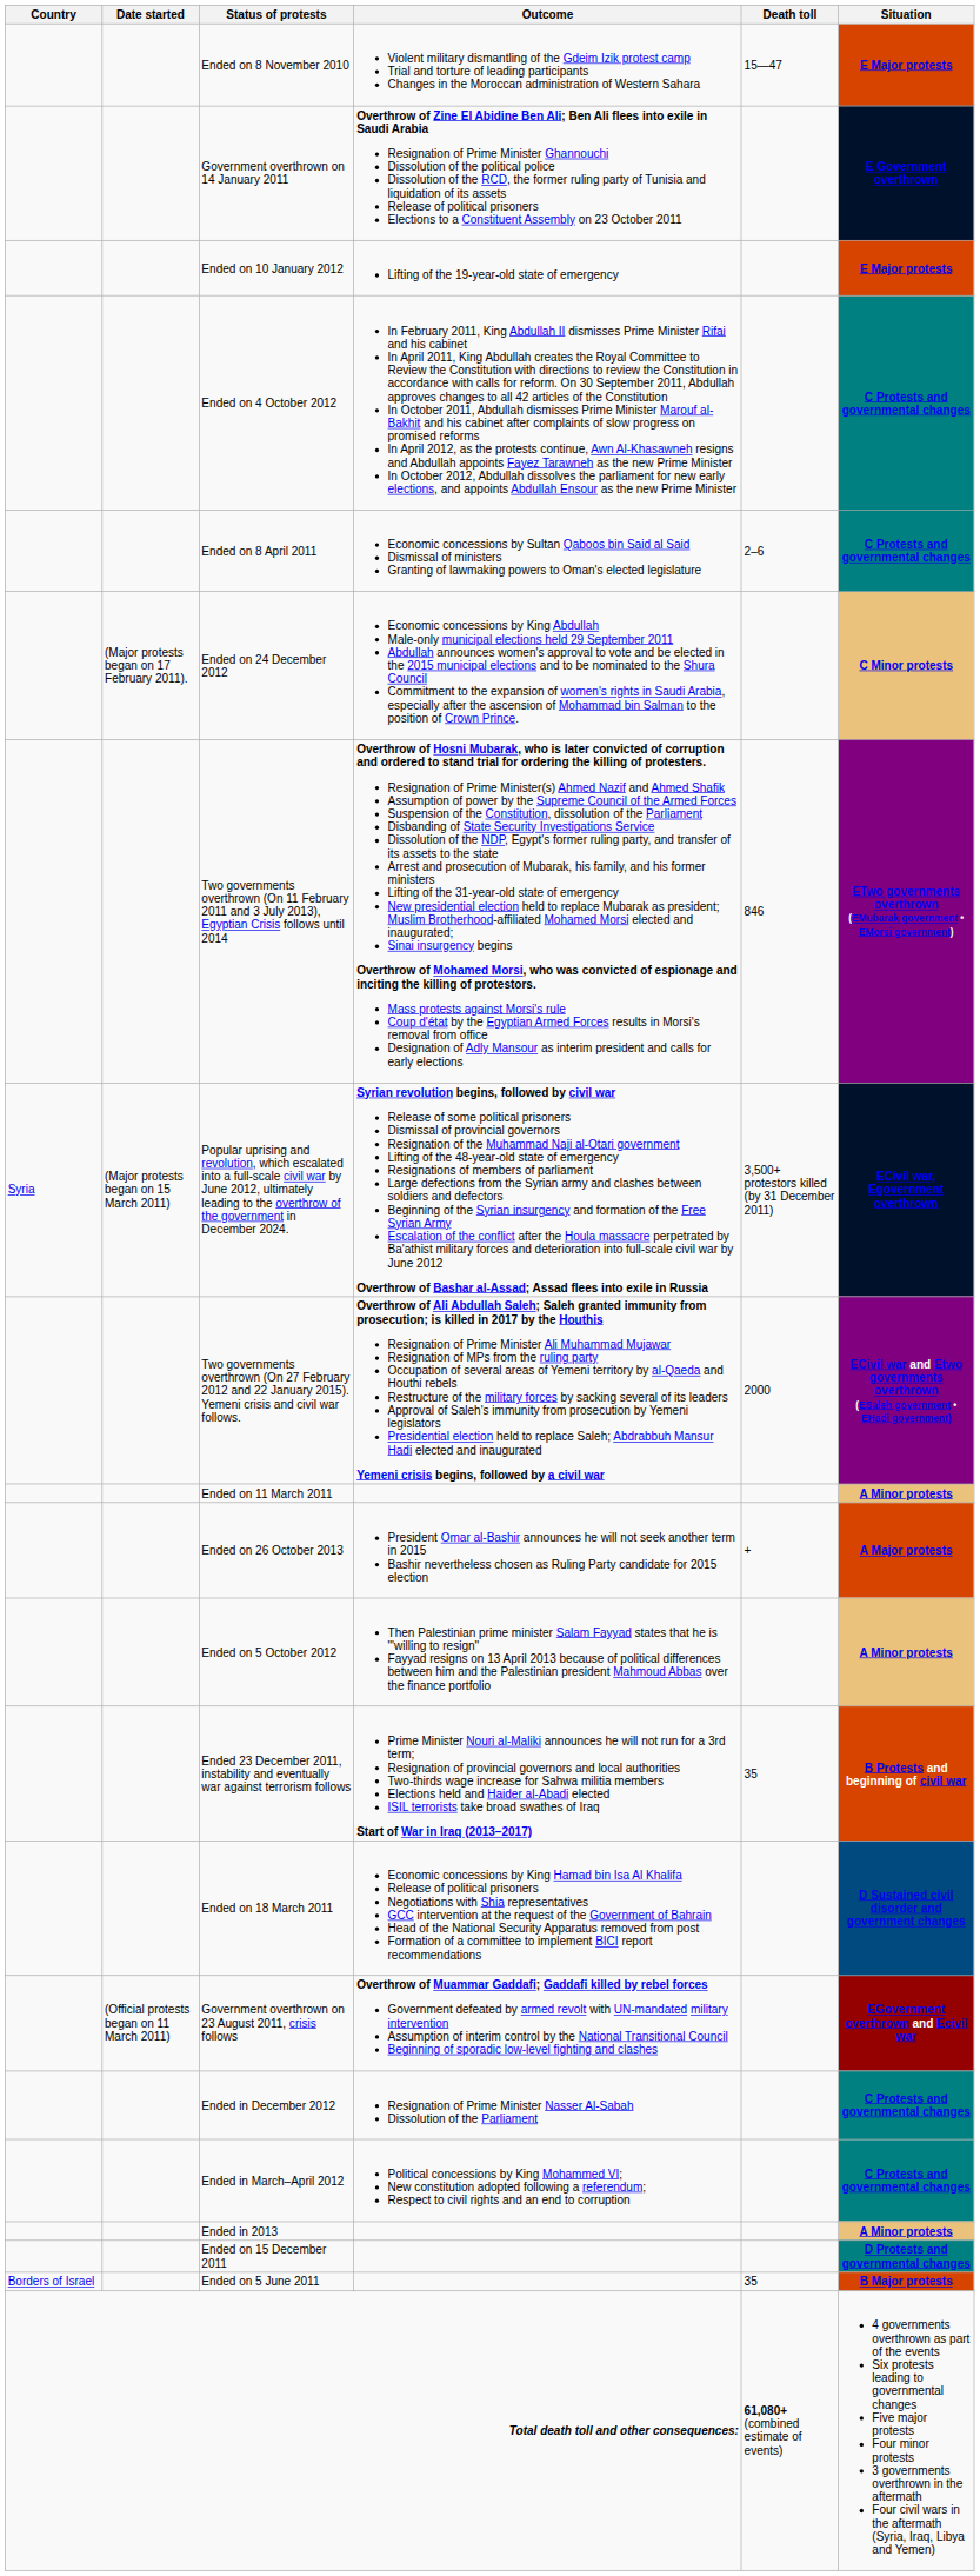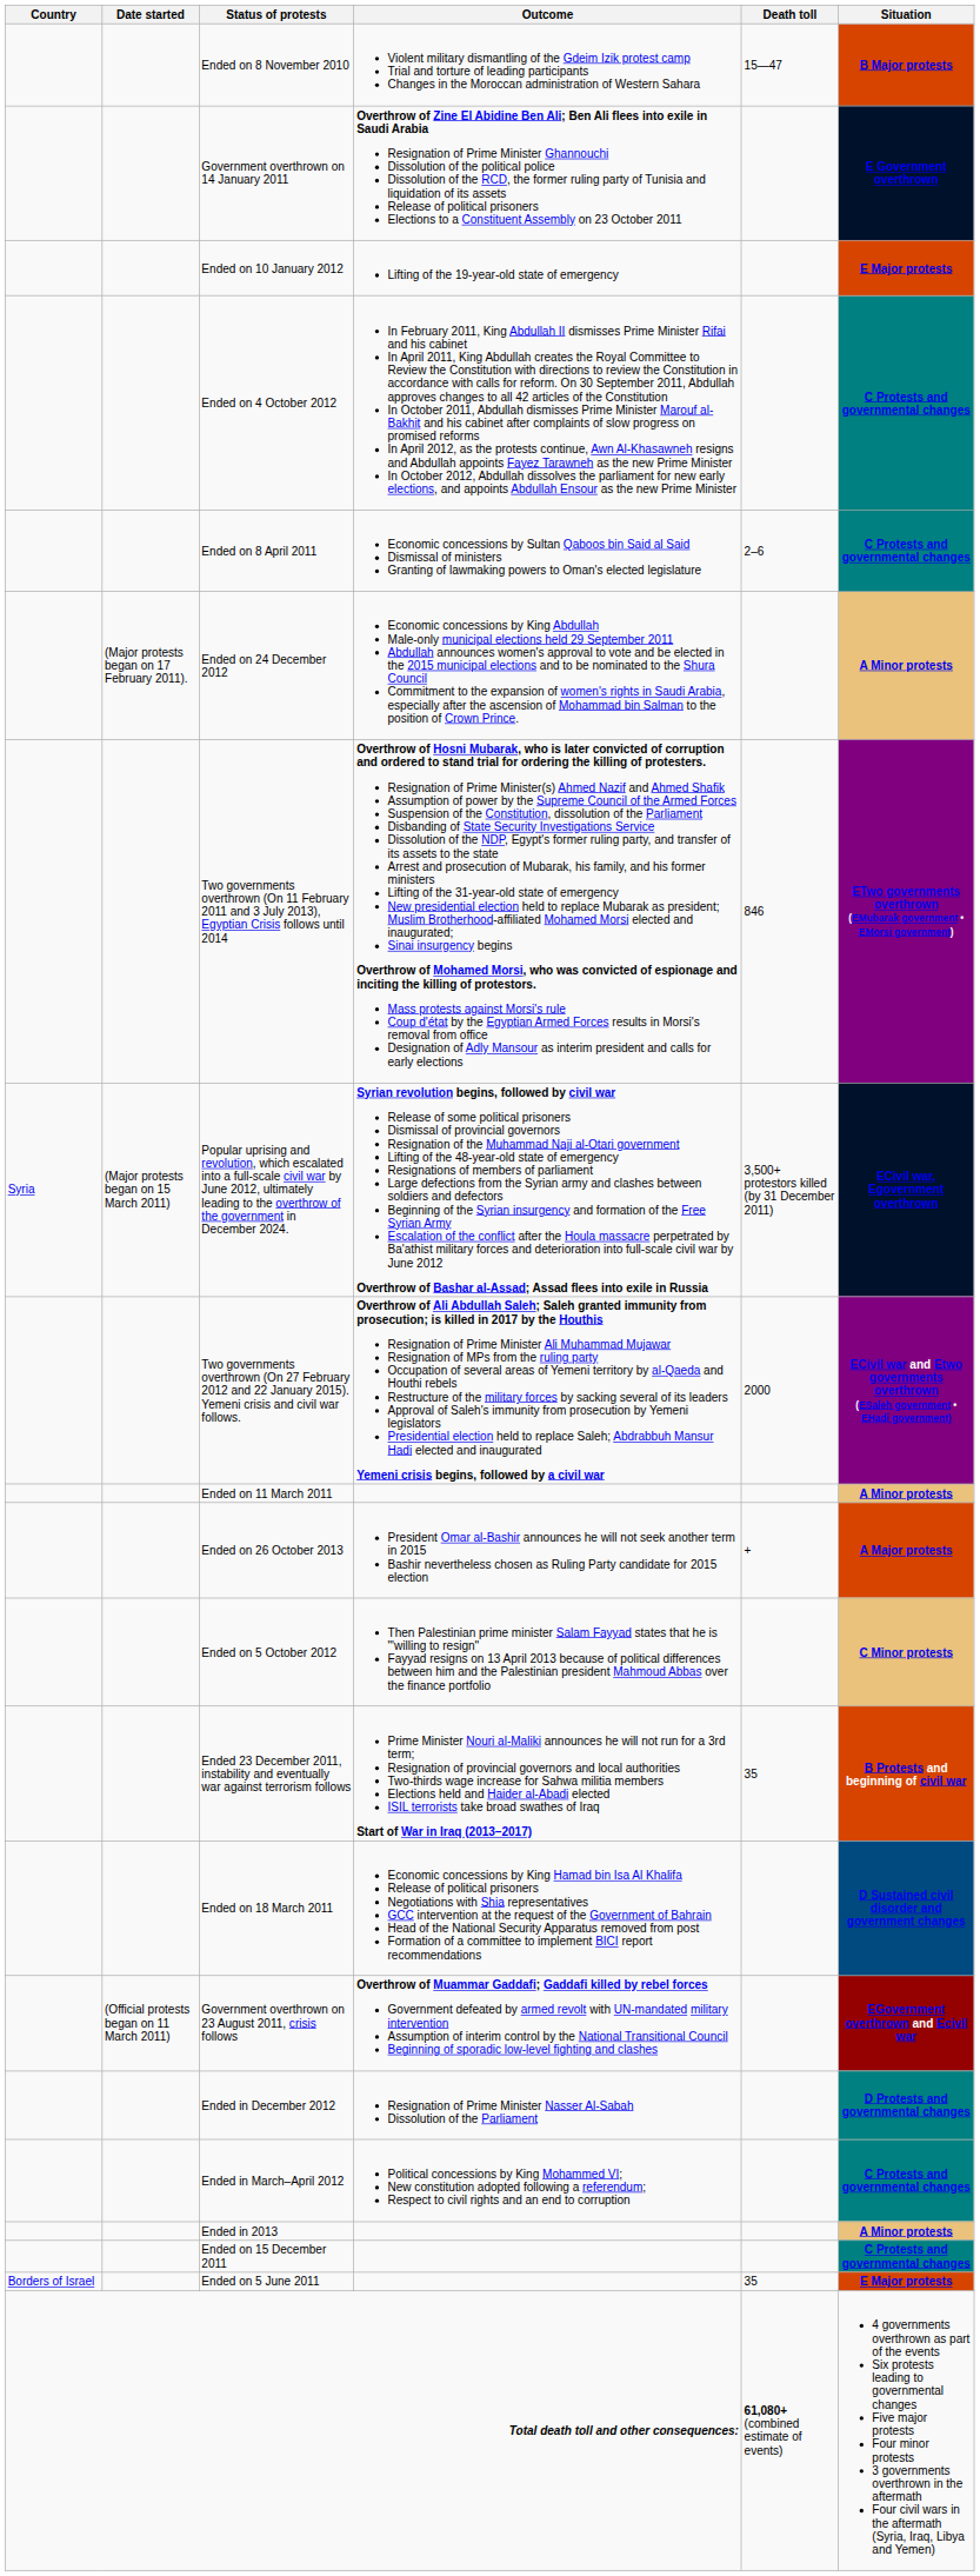 <table class="wikitable sortable collapsible" style="font-size: 95%">
 <tr>
 <th scope="col" style="width:10%;">Country</th>
 <th scope="col" style="width:10%;">Date started</th>
 <th scope="col" style="width:16%;">Status of protests</th>
 <th scope="col" style="width:40%;" class="unsortable">Outcome</th>
 <th scope="col" style="width:10%;">Death toll</th>
 <th scope="col" style="width:14%;">Situation</th>
 </tr>
 <tr>
 <td></td>
 <td></td>
 <td>Ended on 8 November 2010</td>
 <td><br><ul><li>Violent military dismantling of the <a href='#'>Gdeim Izik protest camp</a></li><li>Trial and torture of leading participants</li><li>Changes in the Moroccan administration of Western Sahara</li></ul></td>
 <td>15—47</td>
-<th style="color:#fff; background:#d64400;"><a href='#'><span>E</span> <span>Major protests</span></a></th>
+<th style="color:#fff; background:#d64400;"><a href='#'><span>B</span> <span>Major protests</span></a></th>
 </tr>
 <tr>
 <td></td>
 <td></td>
 <td>Government overthrown on 14 January 2011</td>
 <td><strong>Overthrow of <a href='#'>Zine El Abidine Ben Ali</a>; Ben Ali flees into exile in Saudi Arabia</strong><br><ul><li>Resignation of Prime Minister <a href='#'>Ghannouchi</a></li><li>Dissolution of the political police</li><li>Dissolution of the <a href='#'>RCD</a>, the former ruling party of Tunisia and liquidation of its assets</li><li>Release of political prisoners</li><li>Elections to a <a href='#'>Constituent Assembly</a> on 23 October 2011</li></ul></td>
 <td></td>
 <th style="color:#fff; background:#00112b;"><a href='#'><span>E</span> <span>Government overthrown</span></a></th>
 </tr>
 <tr>
 <td></td>
 <td></td>
 <td>Ended on 10 January 2012</td>
 <td><br><ul><li>Lifting of the 19-year-old state of emergency</li></ul></td>
 <td></td>
 <th style="color:#fff; background:#d64400;"><a href='#'><span>E</span> <span>Major protests</span></a></th>
 </tr>
 <tr>
 <td></td>
 <td></td>
 <td>Ended on 4 October 2012</td>
 <td><br><ul><li>In February 2011, King <a href='#'>Abdullah II</a> dismisses Prime Minister <a href='#'>Rifai</a> and his cabinet</li><li>In April 2011, King Abdullah creates the Royal Committee to Review the Constitution with directions to review the Constitution in accordance with calls for reform. On 30 September 2011, Abdullah approves changes to all 42 articles of the Constitution</li><li>In October 2011, Abdullah dismisses Prime Minister <a href='#'>Marouf al-Bakhit</a> and his cabinet after complaints of slow progress on promised reforms</li><li>In April 2012, as the protests continue, <a href='#'>Awn Al-Khasawneh</a> resigns and Abdullah appoints <a href='#'>Fayez Tarawneh</a> as the new Prime Minister</li><li>In October 2012, Abdullah dissolves the parliament for new early <a href='#'>elections</a>, and appoints <a href='#'>Abdullah Ensour</a> as the new Prime Minister</li></ul></td>
 <td></td>
 <th style="color:#fff; background:#008080;"><a href='#'><span>C</span> <span>Protests and governmental changes</span></a></th>
 </tr>
 <tr>
 <td></td>
 <td></td>
 <td>Ended on 8 April 2011</td>
 <td><br><ul><li>Economic concessions by Sultan <a href='#'>Qaboos bin Said al Said</a></li><li>Dismissal of ministers</li><li>Granting of lawmaking powers to Oman's elected legislature</li></ul></td>
 <td> 2–6</td>
 <th style="color:#fff; background:#008080;"><a href='#'><span>C</span> <span>Protests and governmental changes</span></a></th>
 </tr>
 <tr>
 <td></td>
 <td> (Major protests began on 17 February 2011).</td>
 <td>Ended on 24 December 2012</td>
 <td><br><ul><li>Economic concessions by King <a href='#'>Abdullah</a></li><li>Male-only <a href='#'>municipal elections held 29 September 2011</a></li><li><a href='#'>Abdullah</a> announces women's approval to vote and be elected in the <a href='#'>2015 municipal elections</a> and to be nominated to the <a href='#'>Shura Council</a></li><li>Commitment to the expansion of <a href='#'>women's rights in Saudi Arabia</a>, especially after the ascension of <a href='#'>Mohammad bin Salman</a> to the position of <a href='#'>Crown Prince</a>.</li></ul></td>
 <td></td>
-<th style="color:#fff; background:#eac27c;"><a href='#'><span>C</span> <span>Minor protests</span></a></th>
+<th style="color:#fff; background:#eac27c;"><a href='#'><span>A</span> <span>Minor protests</span></a></th>
 </tr>
 <tr>
 <td></td>
 <td></td>
 <td>Two governments overthrown (On 11 February 2011 and 3 July 2013), <a href='#'>Egyptian Crisis</a> follows until 2014</td>
 <td><strong>Overthrow of <a href='#'>Hosni Mubarak</a>, who is later convicted of corruption and ordered to stand trial for ordering the killing of protesters.</strong><br><ul><li>Resignation of Prime Minister(s) <a href='#'>Ahmed Nazif</a> and <a href='#'>Ahmed Shafik</a></li><li>Assumption of power by the <a href='#'>Supreme Council of the Armed Forces</a></li><li>Suspension of the <a href='#'>Constitution</a>, dissolution of the <a href='#'>Parliament</a></li><li>Disbanding of <a href='#'>State Security Investigations Service</a></li><li>Dissolution of the <a href='#'>NDP</a>, Egypt's former ruling party, and transfer of its assets to the state</li><li>Arrest and prosecution of Mubarak, his family, and his former ministers</li><li>Lifting of the 31-year-old state of emergency</li><li><a href='#'>New presidential election</a> held to replace Mubarak as president; <a href='#'>Muslim Brotherhood</a>-affiliated <a href='#'>Mohamed Morsi</a> elected and inaugurated;</li><li><a href='#'>Sinai insurgency</a> begins</li></ul><strong>Overthrow of <a href='#'>Mohamed Morsi</a>, who was convicted of espionage and inciting the killing of protestors.</strong><ul><li><a href='#'>Mass protests against Morsi's rule</a></li><li><a href='#'>Coup d'état</a> by the <a href='#'>Egyptian Armed Forces</a> results in Morsi's removal from office</li><li>Designation of <a href='#'>Adly Mansour</a> as interim president and calls for early elections</li></ul></td>
 <td> 846</td>
 <th style="color:#fff; background:#800080;"><a href='#'><span>E</span><span>Two governments overthrown</span></a><br><small>(<a href='#'><span>E</span><span>Mubarak government</span></a> • <a href='#'><span>E</span><span>Morsi government</span></a>)</small></th>
 </tr>
 <tr>
 <td> <a href='#'>Syria</a></td>
 <td> (Major protests began on 15 March 2011)</td>
 <td>Popular uprising and <a href='#'>revolution</a>, which escalated into a full-scale <a href='#'>civil war</a> by June 2012, ultimately leading to the <a href='#'>overthrow of the government</a> in December 2024.</td>
 <td><strong><a href='#'>Syrian revolution</a> begins, followed by <a href='#'>civil war</a></strong><br><ul><li>Release of some political prisoners</li><li>Dismissal of provincial governors</li><li>Resignation of the <a href='#'>Muhammad Naji al-Otari government</a></li><li>Lifting of the 48-year-old state of emergency</li><li>Resignations of members of parliament</li><li>Large defections from the Syrian army and clashes between soldiers and defectors</li><li>Beginning of the <a href='#'>Syrian insurgency</a> and formation of the <a href='#'>Free Syrian Army</a></li><li><a href='#'>Escalation of the conflict</a> after the <a href='#'>Houla massacre</a> perpetrated by Ba'athist military forces and deterioration into full-scale civil war by June 2012</li></ul><strong>Overthrow of <a href='#'>Bashar al-Assad</a>; Assad flees into exile in Russia</strong></td>
 <td> 3,500+ protestors killed (by 31 December 2011)</td>
 <th style="color:#fff; background:#00112b;"><a href='#'><span>E</span><span>Civil war,</span></a> <a href='#'><span>E</span><span>government overthrown</span></a></th>
 </tr>
 <tr>
 <td></td>
 <td></td>
 <td>Two governments overthrown (On 27 February 2012 and 22 January 2015). Yemeni crisis and civil war follows.</td>
 <td><strong>Overthrow of <a href='#'>Ali Abdullah Saleh</a>; Saleh granted immunity from prosecution; is killed in 2017 by the <a href='#'>Houthis</a></strong><br><ul><li>Resignation of Prime Minister <a href='#'>Ali Muhammad Mujawar</a></li><li>Resignation of MPs from the <a href='#'>ruling party</a></li><li>Occupation of several areas of Yemeni territory by <a href='#'>al-Qaeda</a> and Houthi rebels</li><li>Restructure of the <a href='#'>military forces</a> by sacking several of its leaders</li><li>Approval of Saleh's immunity from prosecution by Yemeni legislators</li><li><a href='#'>Presidential election</a> held to replace Saleh; <a href='#'>Abdrabbuh Mansur Hadi</a> elected and inaugurated</li></ul><strong><a href='#'>Yemeni crisis</a> begins, followed by <a href='#'>a civil war</a></strong></td>
 <td> 2000</td>
 <th style="color:#fff; background:#800080;"><a href='#'><span>E</span><span>Civil war</span></a> and <a href='#'><span>E</span><span>two governments overthrown</span></a><br><small>(<a href='#'><span>E</span><span>Saleh government</span></a> • <a href='#'><span>E</span><span>Hadi government)</span></a></small></th>
 </tr>
 <tr>
 <td></td>
 <td></td>
 <td>Ended on 11 March 2011</td>
 <td></td>
 <td></td>
 <th style="color:#fff; background:#eac27c;"><a href='#'><span>A</span> <span>Minor protests</span></a></th>
 </tr>
 <tr>
 <td></td>
 <td></td>
 <td>Ended on 26 October 2013</td>
 <td><br><ul><li>President <a href='#'>Omar al-Bashir</a> announces he will not seek another term in 2015</li><li>Bashir nevertheless chosen as Ruling Party candidate for 2015 election</li></ul></td>
 <td>+</td>
 <th style="color:#fff; background:#d64400;"><a href='#'><span>A</span> <span>Major protests</span></a></th>
 </tr>
 <tr>
 <td></td>
 <td></td>
 <td>Ended on 5 October 2012</td>
 <td><br><ul><li>Then Palestinian prime minister <a href='#'>Salam Fayyad</a> states that he is "'willing to resign"</li><li>Fayyad resigns on 13 April 2013 because of political differences between him and the Palestinian president <a href='#'>Mahmoud Abbas</a> over the finance portfolio</li></ul></td>
 <td></td>
-<th style="color:#fff; background:#eac27c;"><a href='#'><span>A</span> <span>Minor protests</span></a></th>
+<th style="color:#fff; background:#eac27c;"><a href='#'><span>C</span> <span>Minor protests</span></a></th>
 </tr>
 <tr>
 <td></td>
 <td></td>
 <td>Ended 23 December 2011, instability and eventually war against terrorism follows</td>
 <td><br><ul><li>Prime Minister <a href='#'>Nouri al-Maliki</a> announces he will not run for a 3rd term;</li><li>Resignation of provincial governors and local authorities</li><li>Two-thirds wage increase for Sahwa militia members</li><li>Elections held and <a href='#'>Haider al-Abadi</a> elected</li><li><a href='#'>ISIL terrorists</a> take broad swathes of Iraq</li></ul><strong>Start of <a href='#'>War in Iraq (2013–2017)</a></strong></td>
 <td> 35</td>
 <th style="color:#fff; background:#d64400;"><a href='#'><span>B</span> <span>Protests</span></a> and beginning of <a href='#'>civil war</a></th>
 </tr>
 <tr>
 <td></td>
 <td></td>
 <td>Ended on 18 March 2011</td>
 <td><br><ul><li>Economic concessions by King <a href='#'>Hamad bin Isa Al Khalifa</a></li><li>Release of political prisoners</li><li>Negotiations with <a href='#'>Shia</a> representatives</li><li><a href='#'>GCC</a> intervention at the request of the <a href='#'>Government of Bahrain</a></li><li>Head of the National Security Apparatus removed from post</li><li>Formation of a committee to implement <a href='#'>BICI</a> report recommendations</li></ul></td>
 <td></td>
 <th style="color:#fff; background:#004a80;"><a href='#'><span>D</span> <span>Sustained civil disorder and government changes</span></a></th>
 </tr>
 <tr>
 <td></td>
 <td> (Official protests began on 11 March 2011)</td>
 <td>Government overthrown on 23 August 2011, <a href='#'>crisis</a> follows</td>
 <td><strong>Overthrow of <a href='#'>Muammar Gaddafi</a>; <a href='#'>Gaddafi killed by rebel forces</a></strong><br><ul><li>Government defeated by <a href='#'>armed revolt</a> with <a href='#'>UN-mandated</a> <a href='#'>military intervention</a></li><li>Assumption of interim control by the <a href='#'>National Transitional Council</a></li><li><a href='#'>Beginning of sporadic low-level fighting and clashes</a></li></ul></td>
 <td> </td>
 <th style="color:#fff; background:#950000;"><a href='#'><span>E</span><span>Government overthrown</span></a> and <span><a href='#'><span>E</span><span>civil war</span></a></span></th>
 </tr>
 <tr>
 <td></td>
 <td></td>
 <td>Ended in December 2012</td>
 <td><br><ul><li>Resignation of Prime Minister <a href='#'>Nasser Al-Sabah</a></li><li>Dissolution of the <a href='#'>Parliament</a></li></ul></td>
 <td></td>
-<th style="color:#fff; background:#008080;"><a href='#'><span>C</span> <span>Protests and governmental changes</span></a></th>
+<th style="color:#fff; background:#008080;"><a href='#'><span>D</span> <span>Protests and governmental changes</span></a></th>
 </tr>
 <tr>
 <td></td>
 <td></td>
 <td>Ended in March–April 2012</td>
 <td><br><ul><li>Political concessions by King <a href='#'>Mohammed VI</a>;</li><li>New constitution adopted following a <a href='#'>referendum</a>;</li><li>Respect to civil rights and an end to corruption</li></ul></td>
 <td></td>
 <th style="color:#fff; background:#008080;"><a href='#'><span>C</span> <span>Protests and governmental changes</span></a></th>
 </tr>
 <tr>
 <td></td>
 <td></td>
 <td>Ended in 2013</td>
 <td></td>
 <td></td>
 <th style="color:#fff; background:#eac27c;"><a href='#'><span>A</span> <span>Minor protests</span></a></th>
 </tr>
 <tr>
 <td></td>
 <td></td>
 <td>Ended on 15 December 2011</td>
 <td></td>
 <td></td>
-<th style="color:#fff; background:#008080;"><a href='#'><span>D</span> <span>Protests and governmental changes</span></a></th>
+<th style="color:#fff; background:#008080;"><a href='#'><span>C</span> <span>Protests and governmental changes</span></a></th>
 </tr>
 <tr>
 <td><a href='#'>Borders of Israel</a></td>
 <td></td>
 <td>Ended on 5 June 2011</td>
 <td></td>
 <td> 35</td>
-<th style="color:#fff; background:#d64400;"><a href='#'><span>B</span> <span>Major protests</span></a></th>
+<th style="color:#fff; background:#d64400;"><a href='#'><span>E</span> <span>Major protests</span></a></th>
 </tr>
 <tr>
 <td colspan=4; style="text-align:right;"><strong><em>Total death toll and other consequences:</em></strong></td>
 <td><strong>61,080+</strong><br>(combined estimate of events)</td>
 <td><br><ul><li>4 governments overthrown as part of the events</li><li>Six protests leading to governmental changes</li><li>Five major protests</li><li>Four minor protests</li><li>3 governments overthrown in the aftermath</li><li>Four civil wars in the aftermath (Syria, Iraq, Libya and Yemen)</li></ul></td>
 </tr>
 </table>
